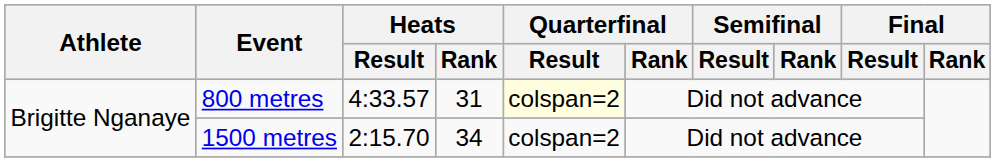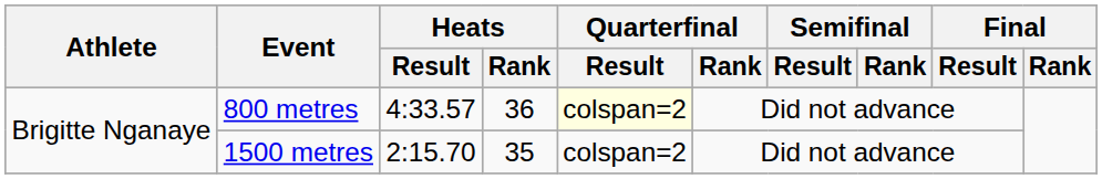 <table class="wikitable" style="font-size:90%">
 <tr>
 <th rowspan="2">Athlete</th>
 <th rowspan="2">Event</th>
 <th colspan="2">Heats</th>
 <th colspan="2">Quarterfinal</th>
 <th colspan="2">Semifinal</th>
 <th colspan="2">Final</th>
 </tr>
 <tr style="font-size:95%">
 <th>Result</th>
 <th>Rank</th>
 <th>Result</th>
 <th>Rank</th>
 <th>Result</th>
 <th>Rank</th>
 <th>Result</th>
 <th>Rank</th>
 </tr>
 <tr align=center>
 <td align=left rowspan=2>Brigitte Nganaye</td>
 <td align=left><a href='#'>800 metres</a></td>
 <td>4:33.57</td>
-<td>31</td>
+<td>36</td>
 <td style="background: lightyellow;">colspan=2</td>
 <td colspan=4>Did not advance</td>
 </tr>
 <tr align=center>
 <td align=left><a href='#'>1500 metres</a></td>
 <td>2:15.70</td>
-<td>34</td>
+<td>35</td>
 <td>colspan=2</td>
 <td colspan=4>Did not advance</td>
 </tr>
 </table>
